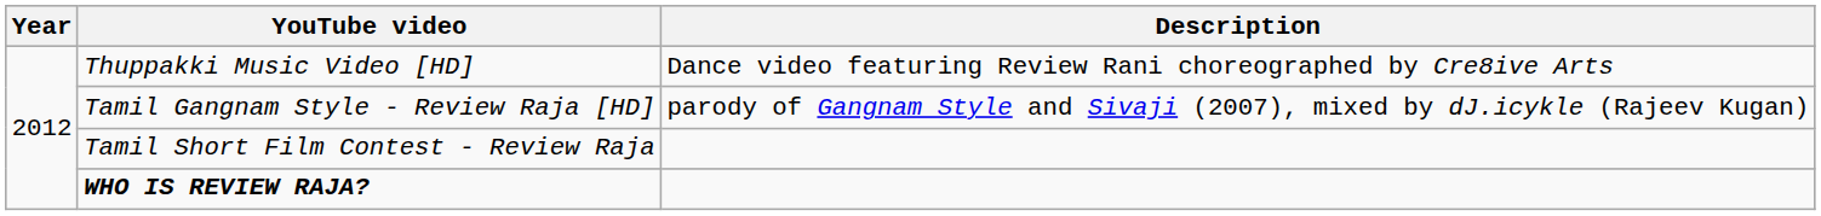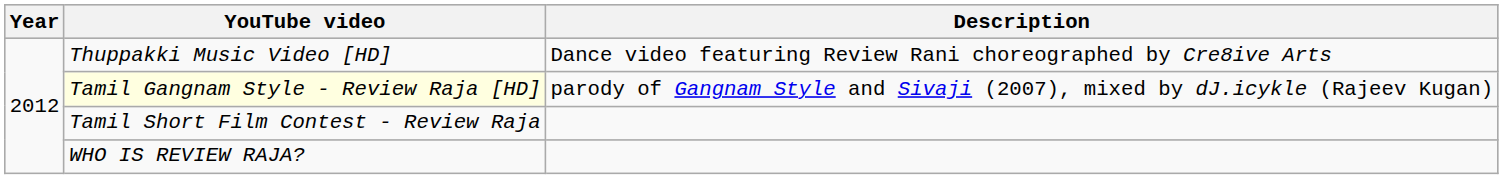 <table class="wikitable sortable">
 <tr>
 <th>Year</th>
 <th>YouTube video</th>
 <th>Description</th>
 </tr>
 <tr>
 <td rowspan="4">2012</td>
 <td><em>Thuppakki Music Video [HD]</em></td>
 <td>Dance video featuring Review Rani choreographed by <em>Cre8ive Arts</em></td>
 </tr>
 <tr>
-<td><em>Tamil Gangnam Style - Review Raja [HD]</em></td>
+<td style="background: lightyellow;"><em>Tamil Gangnam Style - Review Raja [HD]</em></td>
 <td>parody of <em><a href='#'>Gangnam Style</a></em> and <a href='#'><em>Sivaji</em></a> (2007), mixed by <em>dJ.icykle</em> (Rajeev Kugan)</td>
 </tr>
 <tr>
 <td><em>Tamil Short Film Contest - Review Raja</em></td>
 <td></td>
 </tr>
 <tr>
-<td><strong><em>WHO IS REVIEW RAJA?</em></strong></td>
+<td><em>WHO IS REVIEW RAJA?</em></td>
 <td></td>
 </tr>
 </table>
